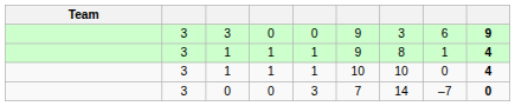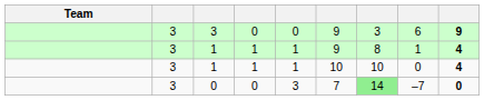 <table class="wikitable" style="text-align:center;">
 <tr>
 <th width=200>Team</th>
 <th width=50 abbr="Played"></th>
 <th width=50 abbr="Won"></th>
 <th width=50 abbr="Drawn"></th>
 <th width=50 abbr="Lost"></th>
 <th width=50 abbr="Goals for"></th>
 <th width=50 abbr="Goals against"></th>
 <th width=50 abbr="Goal difference"></th>
 <th width=50 abbr="Points"></th>
 </tr>
 <tr bgcolor=ccffcc>
 <td align="left"></td>
 <td>3</td>
 <td>3</td>
 <td>0</td>
 <td>0</td>
 <td>9</td>
 <td>3</td>
 <td>6</td>
 <td><strong>9</strong></td>
 </tr>
 <tr bgcolor=ccffcc>
 <td align="left"></td>
 <td>3</td>
 <td>1</td>
 <td>1</td>
 <td>1</td>
 <td>9</td>
 <td>8</td>
 <td>1</td>
 <td><strong>4</strong></td>
 </tr>
 <tr>
 <td align="left"></td>
 <td>3</td>
 <td>1</td>
 <td>1</td>
 <td>1</td>
 <td>10</td>
 <td>10</td>
 <td>0</td>
 <td><strong>4</strong></td>
 </tr>
 <tr>
 <td align="left"></td>
 <td>3</td>
 <td>0</td>
 <td>0</td>
 <td>3</td>
 <td>7</td>
-<td>14</td>
+<td style="background: lightgreen;">14</td>
 <td>–7</td>
 <td><strong>0</strong></td>
 </tr>
 </table>
